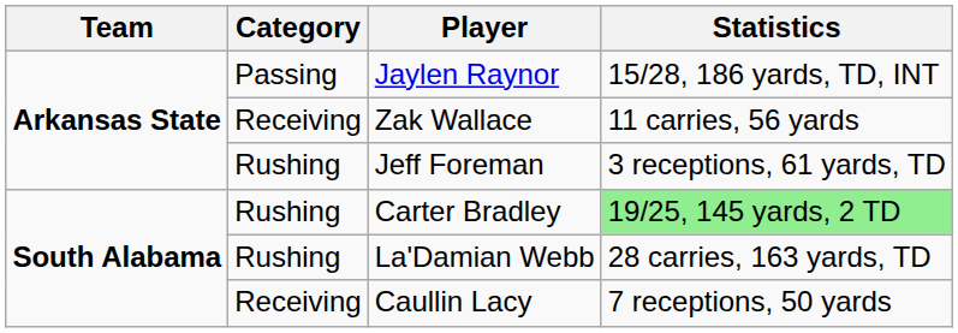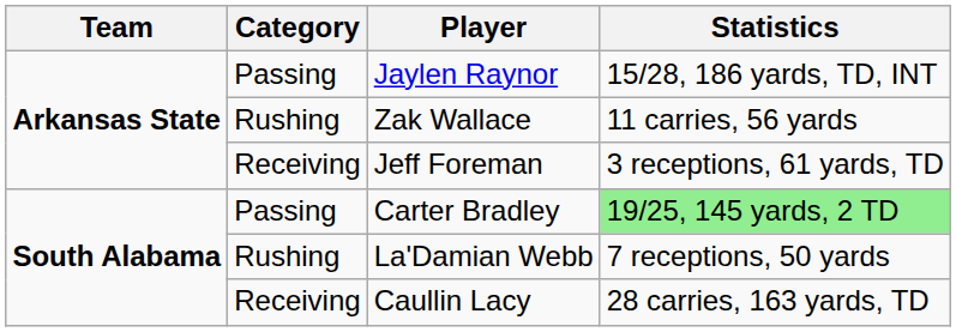 <table class="wikitable" style="float: right;">
 <tr>
 <th>Team</th>
 <th>Category</th>
 <th>Player</th>
 <th>Statistics</th>
 </tr>
 <tr>
 <td rowspan=3><strong>Arkansas State</strong></td>
 <td>Passing</td>
 <td><a href='#'>Jaylen Raynor</a></td>
 <td>15/28, 186 yards, TD, INT</td>
 </tr>
 <tr>
-<td>Receiving</td>
+<td>Rushing</td>
 <td>Zak Wallace</td>
 <td>11 carries, 56 yards</td>
 </tr>
 <tr>
-<td>Rushing</td>
+<td>Receiving</td>
 <td>Jeff Foreman</td>
 <td>3 receptions, 61 yards, TD</td>
 </tr>
 <tr>
 <td rowspan=3><strong>South Alabama</strong></td>
-<td>Rushing</td>
+<td>Passing</td>
 <td>Carter Bradley</td>
 <td style="background: lightgreen;">19/25, 145 yards, 2 TD</td>
 </tr>
 <tr>
 <td>Rushing</td>
 <td>La'Damian Webb</td>
-<td>28 carries, 163 yards, TD</td>
+<td>7 receptions, 50 yards</td>
 </tr>
 <tr>
 <td>Receiving</td>
 <td>Caullin Lacy</td>
-<td>7 receptions, 50 yards</td>
+<td>28 carries, 163 yards, TD</td>
 </tr>
 </table>
